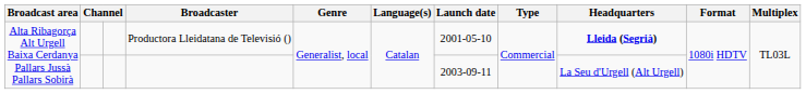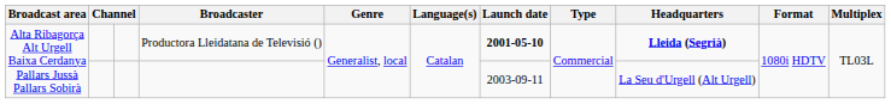 <table class="wikitable toccolours" border="1" cellpadding="3" style="border-collapse:collapse; text-align:center">
 <tr>
 <th>Broadcast area</th>
 <th colspan="2"><strong>Channel</strong></th>
 <th>Broadcaster</th>
 <th>Genre</th>
 <th>Language(s)</th>
 <th>Launch date</th>
 <th>Type</th>
 <th>Headquarters</th>
 <th>Format</th>
 <th>Multiplex</th>
 </tr>
 <tr>
 <td rowspan="2"><a href='#'>Alta Ribagorça</a><br><a href='#'>Alt Urgell</a><br><a href='#'>Baixa Cerdanya</a><br><a href='#'>Pallars Jussà</a><br><a href='#'>Pallars Sobirà</a></td>
 <td></td>
 <td></td>
 <td>Productora Lleidatana de Televisió ()</td>
 <td rowspan="2"><a href='#'>Generalist</a>, <a href='#'>local</a></td>
 <td rowspan="2"><a href='#'>Catalan</a></td>
-<td>2001-05-10</td>
+<td><strong>2001-05-10</strong></td>
 <td rowspan="2"><a href='#'>Commercial</a></td>
 <td><strong><a href='#'>Lleida</a> (<a href='#'>Segrià</a>)</strong></td>
 <td rowspan="2"><a href='#'>1080i</a> <a href='#'>HDTV</a></td>
 <td rowspan="2">TL03L</td>
 </tr>
 <tr>
 <td></td>
 <td></td>
 <td></td>
 <td>2003-09-11</td>
 <td><a href='#'>La Seu d'Urgell</a> (<a href='#'>Alt Urgell</a>)</td>
 </tr>
 </table>
